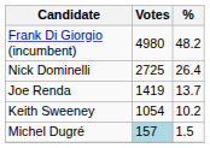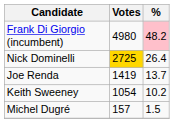 <table class="wikitable">
 <tr>
 <th bgcolor="#DDDDFF" width="150px">Candidate</th>
 <th bgcolor="#DDDDFF">Votes</th>
 <th bgcolor="#DDDDFF">%</th>
 </tr>
 <tr>
 <td><a href='#'>Frank Di Giorgio</a> (incumbent)</td>
 <td>4980</td>
-<td>48.2</td>
+<td style="background: pink;">48.2</td>
 </tr>
 <tr>
 <td>Nick Dominelli</td>
-<td>2725</td>
+<td style="background: gold;">2725</td>
 <td>26.4</td>
 </tr>
 <tr>
 <td>Joe Renda</td>
 <td>1419</td>
 <td>13.7</td>
 </tr>
 <tr>
 <td>Keith Sweeney</td>
 <td>1054</td>
 <td>10.2</td>
 </tr>
 <tr>
 <td>Michel Dugré</td>
-<td style="background: lightblue;">157</td>
+<td>157</td>
 <td>1.5</td>
 </tr>
 <tr>
 </tr>
 </table>
